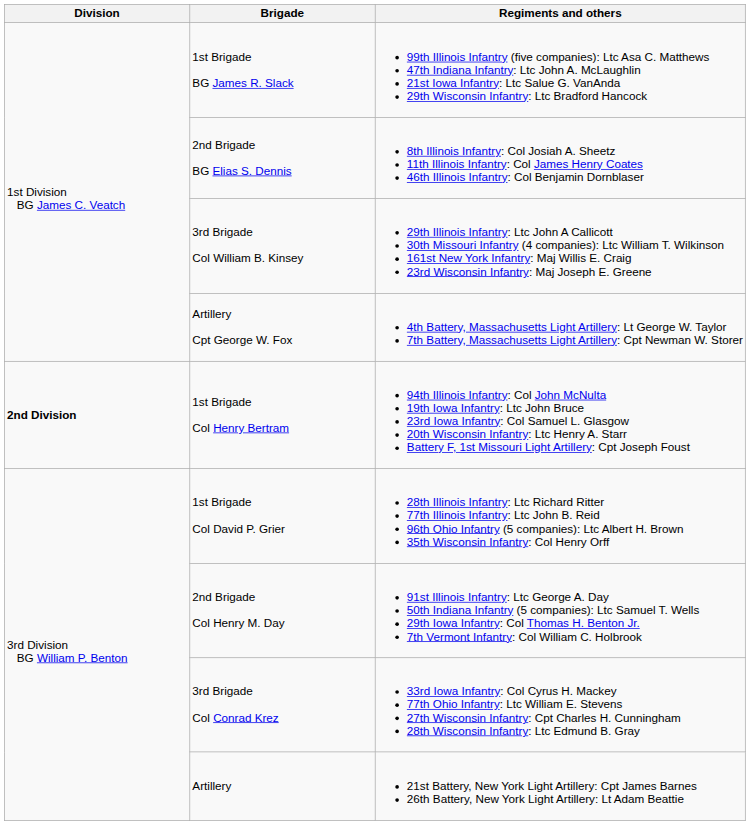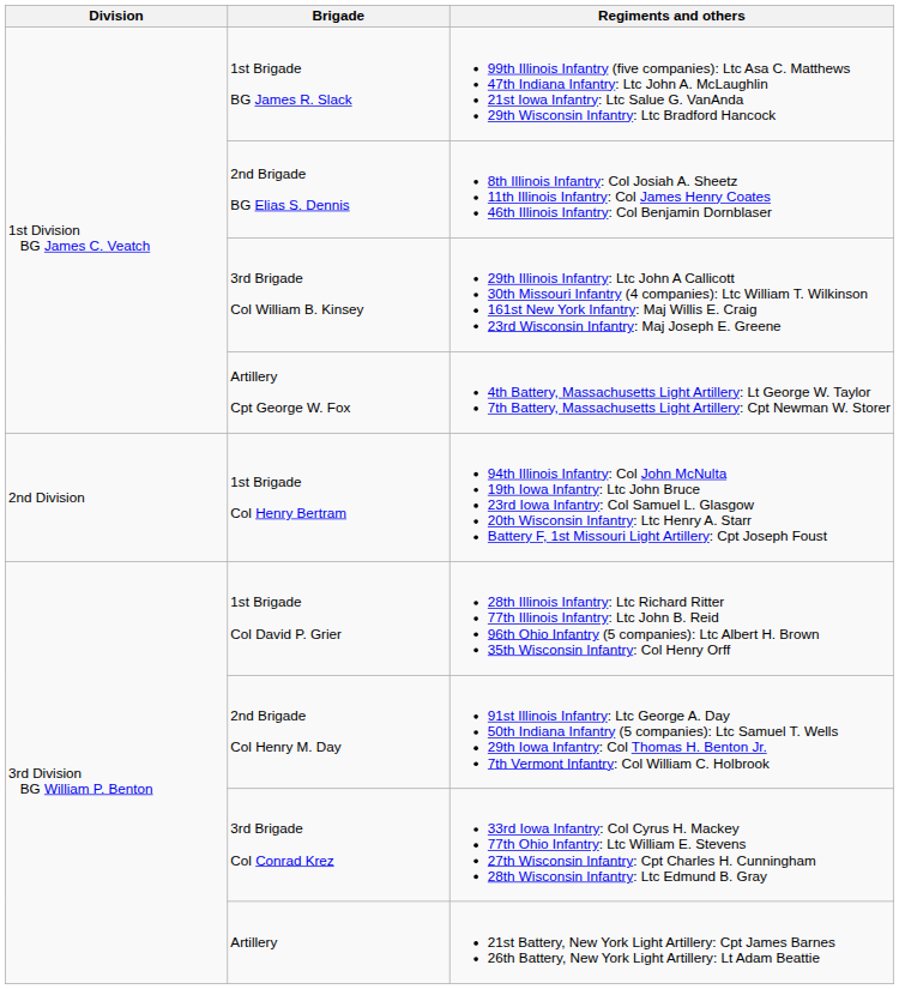 <table class="wikitable">
 <tr>
 <th style="width:25%;">Division</th>
 <th style="width:25%;">Brigade</th>
 <th>Regiments and others</th>
 </tr>
 <tr>
 <td rowspan=4><br>1st Division <br>   BG <a href='#'>James C. Veatch</a></td>
 <td>1st Brigade<br><br> BG <a href='#'>James R. Slack</a></td>
 <td><br><ul><li><a href='#'>99th Illinois Infantry</a> (five companies): Ltc Asa C. Matthews</li><li><a href='#'>47th Indiana Infantry</a>: Ltc John A. McLaughlin</li><li><a href='#'>21st Iowa Infantry</a>: Ltc Salue G. VanAnda</li><li><a href='#'>29th Wisconsin Infantry</a>: Ltc Bradford Hancock</li></ul></td>
 </tr>
 <tr>
 <td>2nd Brigade<br><br> BG <a href='#'>Elias S. Dennis</a></td>
 <td><br><ul><li><a href='#'>8th Illinois Infantry</a>: Col Josiah A. Sheetz</li><li><a href='#'>11th Illinois Infantry</a>: Col <a href='#'>James Henry Coates</a></li><li><a href='#'>46th Illinois Infantry</a>: Col Benjamin Dornblaser</li></ul></td>
 </tr>
 <tr>
 <td>3rd Brigade<br><br> Col William B. Kinsey</td>
 <td><br><ul><li><a href='#'>29th Illinois Infantry</a>: Ltc John A Callicott</li><li><a href='#'>30th Missouri Infantry</a> (4 companies): Ltc William T. Wilkinson</li><li><a href='#'>161st New York Infantry</a>: Maj Willis E. Craig</li><li><a href='#'>23rd Wisconsin Infantry</a>: Maj Joseph E. Greene</li></ul></td>
 </tr>
 <tr>
 <td>Artillery<br><br> Cpt George W. Fox</td>
 <td><br><ul><li><a href='#'>4th Battery, Massachusetts Light Artillery</a>: Lt George W. Taylor</li><li><a href='#'>7th Battery, Massachusetts Light Artillery</a>: Cpt Newman W. Storer</li></ul></td>
 </tr>
 <tr>
-<td rowspan=1><strong><br>2nd Division <br>  </strong></td>
+<td rowspan=1><br>2nd Division <br>  </td>
 <td>1st Brigade<br><br> Col <a href='#'>Henry Bertram</a></td>
 <td><br><ul><li><a href='#'>94th Illinois Infantry</a>: Col <a href='#'>John McNulta</a></li><li><a href='#'>19th Iowa Infantry</a>: Ltc John Bruce</li><li><a href='#'>23rd Iowa Infantry</a>: Col Samuel L. Glasgow</li><li><a href='#'>20th Wisconsin Infantry</a>: Ltc Henry A. Starr</li><li><a href='#'>Battery F, 1st Missouri Light Artillery</a>: Cpt Joseph Foust</li></ul></td>
 </tr>
 <tr>
 <td rowspan=4><br>3rd Division <br>   BG <a href='#'>William P. Benton</a></td>
 <td>1st Brigade<br><br> Col David P. Grier</td>
 <td><br><ul><li><a href='#'>28th Illinois Infantry</a>: Ltc Richard Ritter</li><li><a href='#'>77th Illinois Infantry</a>: Ltc John B. Reid</li><li><a href='#'>96th Ohio Infantry</a> (5 companies): Ltc Albert H. Brown</li><li><a href='#'>35th Wisconsin Infantry</a>: Col Henry Orff</li></ul></td>
 </tr>
 <tr>
 <td>2nd Brigade<br><br> Col Henry M. Day</td>
 <td><br><ul><li><a href='#'>91st Illinois Infantry</a>: Ltc George A. Day</li><li><a href='#'>50th Indiana Infantry</a> (5 companies): Ltc Samuel T. Wells</li><li><a href='#'>29th Iowa Infantry</a>: Col <a href='#'>Thomas H. Benton Jr.</a></li><li><a href='#'>7th Vermont Infantry</a>: Col William C. Holbrook</li></ul></td>
 </tr>
 <tr>
 <td>3rd Brigade<br><br> Col <a href='#'>Conrad Krez</a></td>
 <td><br><ul><li><a href='#'>33rd Iowa Infantry</a>: Col Cyrus H. Mackey</li><li><a href='#'>77th Ohio Infantry</a>: Ltc William E. Stevens</li><li><a href='#'>27th Wisconsin Infantry</a>: Cpt Charles H. Cunningham</li><li><a href='#'>28th Wisconsin Infantry</a>: Ltc Edmund B. Gray</li></ul></td>
 </tr>
 <tr>
 <td>Artillery</td>
 <td><br><ul><li>21st Battery, New York Light Artillery: Cpt James Barnes</li><li>26th Battery, New York Light Artillery: Lt Adam Beattie</li></ul></td>
 </tr>
 </table>
